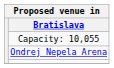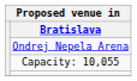 <table class="wikitable" style="text-align:center">
 <tr>
 <th colspan="3">Proposed venue in </th>
 </tr>
 <tr>
 <th rowspan="4" colspan="2"></th>
 <th><a href='#'>Bratislava</a></th>
 </tr>
 <tr>
-<td>Capacity: 10,055</td>
+<td><a href='#'>Ondrej Nepela Arena</a></td>
 </tr>
 <tr>
-<td><a href='#'>Ondrej Nepela Arena</a></td>
+<td>Capacity: 10,055</td>
 </tr>
 <tr>
 <td></td>
 </tr>
 <tr>
 </tr>
 </table>
